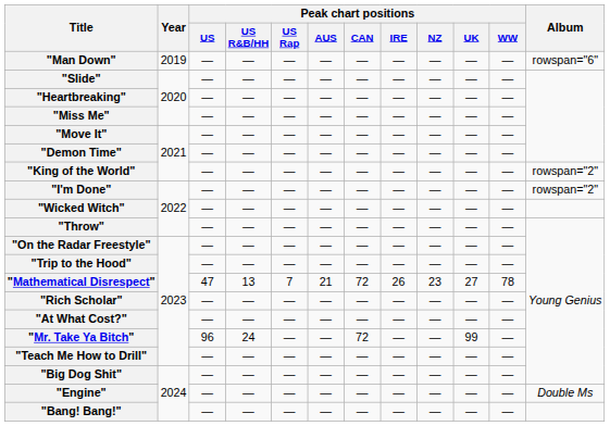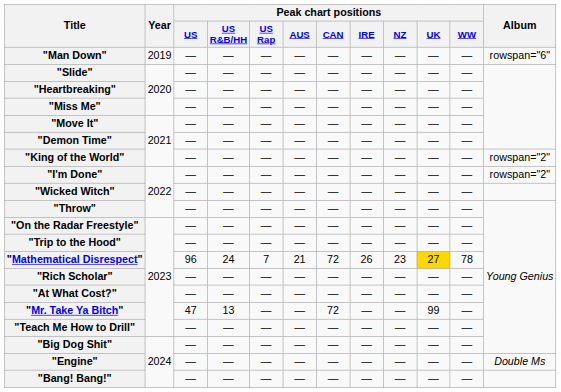 <table class="wikitable plainrowheaders" style="text-align:center;">
 <tr>
 <th scope="col" rowspan="2">Title</th>
 <th scope="col" rowspan="2">Year</th>
 <th scope="col" colspan="9">Peak chart positions</th>
 <th scope="col" rowspan="2">Album</th>
 </tr>
 <tr>
 <th scope="col" style="width:3em; font-size:90%"><a href='#'>US</a><br></th>
 <th scope="col" style="width:3em; font-size:90%"><a href='#'>US<br>R&B/HH</a><br></th>
 <th scope="col" style="width:3em; font-size:90%"><a href='#'>US<br>Rap</a><br></th>
 <th scope="col" style="width:3em; font-size:90%"><a href='#'>AUS</a><br></th>
 <th scope="col" style="width:3em; font-size:90%"><a href='#'>CAN</a><br></th>
 <th scope="col" style="width:3em; font-size:90%"><a href='#'>IRE</a><br></th>
 <th scope="col" style="width:3em; font-size:90%"><a href='#'>NZ</a><br></th>
 <th scope="col" style="width:3em; font-size:90%"><a href='#'>UK</a><br></th>
 <th scope="col" style="width:3em; font-size:90%"><a href='#'>WW</a><br></th>
 </tr>
 <tr>
 <th scope="row">"Man Down"</th>
 <td>2019</td>
 <td>—</td>
 <td>—</td>
 <td>—</td>
 <td>—</td>
 <td>—</td>
 <td>—</td>
 <td>—</td>
 <td>—</td>
 <td>—</td>
 <td>rowspan="6" </td>
 </tr>
 <tr>
 <th scope="row">"Slide"<br></th>
 <td rowspan="3">2020</td>
 <td>—</td>
 <td>—</td>
 <td>—</td>
 <td>—</td>
 <td>—</td>
 <td>—</td>
 <td>—</td>
 <td>—</td>
 <td>—</td>
 </tr>
 <tr>
 <th scope="row">"Heartbreaking"</th>
 <td>—</td>
 <td>—</td>
 <td>—</td>
 <td>—</td>
 <td>—</td>
 <td>—</td>
 <td>—</td>
 <td>—</td>
 <td>—</td>
 </tr>
 <tr>
 <th scope="row">"Miss Me"</th>
 <td>—</td>
 <td>—</td>
 <td>—</td>
 <td>—</td>
 <td>—</td>
 <td>—</td>
 <td>—</td>
 <td>—</td>
 <td>—</td>
 </tr>
 <tr>
 <th scope="row">"Move It"</th>
 <td rowspan="3">2021</td>
 <td>—</td>
 <td>—</td>
 <td>—</td>
 <td>—</td>
 <td>—</td>
 <td>—</td>
 <td>—</td>
 <td>—</td>
 <td>—</td>
 </tr>
 <tr>
 <th scope="row">"Demon Time"</th>
 <td>—</td>
 <td>—</td>
 <td>—</td>
 <td>—</td>
 <td>—</td>
 <td>—</td>
 <td>—</td>
 <td>—</td>
 <td>—</td>
 </tr>
 <tr>
 <th scope="row">"King of the World"</th>
 <td>—</td>
 <td>—</td>
 <td>—</td>
 <td>—</td>
 <td>—</td>
 <td>—</td>
 <td>—</td>
 <td>—</td>
 <td>—</td>
 <td>rowspan="2" </td>
 </tr>
 <tr>
 <th scope="row">"I'm Done"</th>
 <td rowspan="3">2022</td>
 <td>—</td>
 <td>—</td>
 <td>—</td>
 <td>—</td>
 <td>—</td>
 <td>—</td>
 <td>—</td>
 <td>—</td>
 <td>—</td>
 <td>rowspan="2" </td>
 </tr>
 <tr>
 <th scope="Row">"Wicked Witch"</th>
 <td>—</td>
 <td>—</td>
 <td>—</td>
 <td>—</td>
 <td>—</td>
 <td>—</td>
 <td>—</td>
 <td>—</td>
 <td>—</td>
 </tr>
 <tr>
 <th scope="row">"Throw"<br></th>
 <td>—</td>
 <td>—</td>
 <td>—</td>
 <td>—</td>
 <td>—</td>
 <td>—</td>
 <td>—</td>
 <td>—</td>
 <td>—</td>
 <td rowspan="9"><em>Young Genius</em></td>
 </tr>
 <tr>
 <th scope="row">"On the Radar Freestyle"</th>
 <td rowspan="7">2023</td>
 <td>—</td>
 <td>—</td>
 <td>—</td>
 <td>—</td>
 <td>—</td>
 <td>—</td>
 <td>—</td>
 <td>—</td>
 <td>—</td>
 </tr>
 <tr>
 <th scope="row">"Trip to the Hood"</th>
 <td>—</td>
 <td>—</td>
 <td>—</td>
 <td>—</td>
 <td>—</td>
 <td>—</td>
 <td>—</td>
 <td>—</td>
 <td>—</td>
 </tr>
 <tr>
 <th scope="row">"<a href='#'>Mathematical Disrespect</a>"</th>
-<td>47</td>
-<td>13</td>
+<td>96</td>
+<td>24</td>
 <td>7</td>
 <td>21</td>
 <td>72</td>
 <td>26<br></td>
 <td>23</td>
-<td>27</td>
+<td style="background: gold;">27</td>
 <td>78</td>
 </tr>
 <tr>
 <th scope="row">"Rich Scholar"</th>
 <td>—</td>
 <td>—</td>
 <td>—</td>
 <td>—</td>
 <td>—</td>
 <td>—</td>
 <td>—</td>
 <td>—</td>
 <td>—</td>
 </tr>
 <tr>
 <th scope="row">"At What Cost?"</th>
 <td>—</td>
 <td>—</td>
 <td>—</td>
 <td>—</td>
 <td>—</td>
 <td>—</td>
 <td>—</td>
 <td>—</td>
 <td>—</td>
 </tr>
 <tr>
 <th scope="row">"<a href='#'>Mr. Take Ya Bitch</a>"<br></th>
-<td>96</td>
-<td>24</td>
+<td>47</td>
+<td>13</td>
 <td>—</td>
 <td>—</td>
 <td>72</td>
 <td>—</td>
 <td>—</td>
 <td>99</td>
 <td>—</td>
 </tr>
 <tr>
 <th scope="row">"Teach Me How to Drill"<br></th>
 <td>—</td>
 <td>—</td>
 <td>—</td>
 <td>—</td>
 <td>—</td>
 <td>—</td>
 <td>—</td>
 <td>—</td>
 <td>—</td>
 </tr>
 <tr>
 <th scope="row">"Big Dog Shit"<br></th>
 <td rowspan="3">2024</td>
 <td>—</td>
 <td>—</td>
 <td>—</td>
 <td>—</td>
 <td>—</td>
 <td>—</td>
 <td>—</td>
 <td>—</td>
 <td>—</td>
 </tr>
 <tr>
 <th scope="row">"Engine"<br></th>
 <td>—</td>
 <td>—</td>
 <td>—</td>
 <td>—</td>
 <td>—</td>
 <td>—</td>
 <td>—</td>
 <td>—</td>
 <td>—</td>
 <td><em>Double Ms</em></td>
 </tr>
 <tr>
 <th scope="row">"Bang! Bang!"</th>
 <td>—</td>
 <td>—</td>
 <td>—</td>
 <td>—</td>
 <td>—</td>
 <td>—</td>
 <td>—</td>
 <td>—</td>
 <td>—</td>
 </tr>
 </table>
